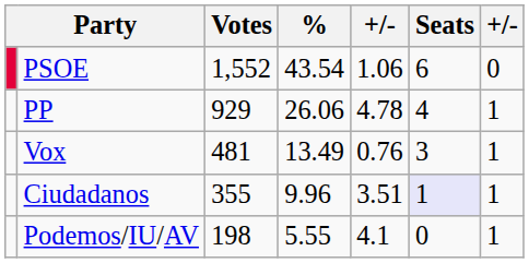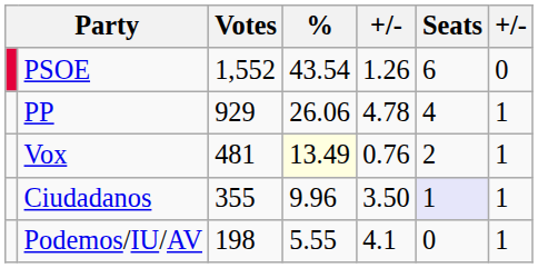 <table class="wikitable">
 <tr>
 <th colspan="2">Party</th>
 <th>Votes</th>
 <th>%</th>
 <th>+/-</th>
 <th>Seats</th>
 <th>+/-</th>
 </tr>
 <tr>
 <td bgcolor="#E4003B"></td>
 <td><a href='#'>PSOE</a></td>
 <td>1,552</td>
 <td>43.54</td>
-<td> 1.06</td>
+<td> 1.26</td>
 <td>6</td>
 <td> 0</td>
 </tr>
 <tr>
 <td></td>
 <td><a href='#'>PP</a></td>
 <td>929</td>
 <td>26.06</td>
 <td> 4.78</td>
 <td>4</td>
 <td> 1</td>
 </tr>
 <tr>
 <td></td>
 <td><a href='#'>Vox</a></td>
 <td>481</td>
-<td>13.49</td>
+<td style="background: lightyellow;">13.49</td>
 <td> 0.76</td>
-<td>3</td>
+<td>2</td>
 <td> 1</td>
 </tr>
 <tr>
 <td></td>
 <td><a href='#'>Ciudadanos</a></td>
 <td>355</td>
 <td>9.96</td>
-<td> 3.51</td>
+<td> 3.50</td>
 <td style="background: lavender;">1</td>
 <td> 1</td>
 </tr>
 <tr>
 <td></td>
 <td><a href='#'>Podemos</a>/<a href='#'>IU</a>/<a href='#'>AV</a></td>
 <td>198</td>
 <td>5.55</td>
 <td> 4.1</td>
 <td>0</td>
 <td> 1</td>
 </tr>
 </table>
